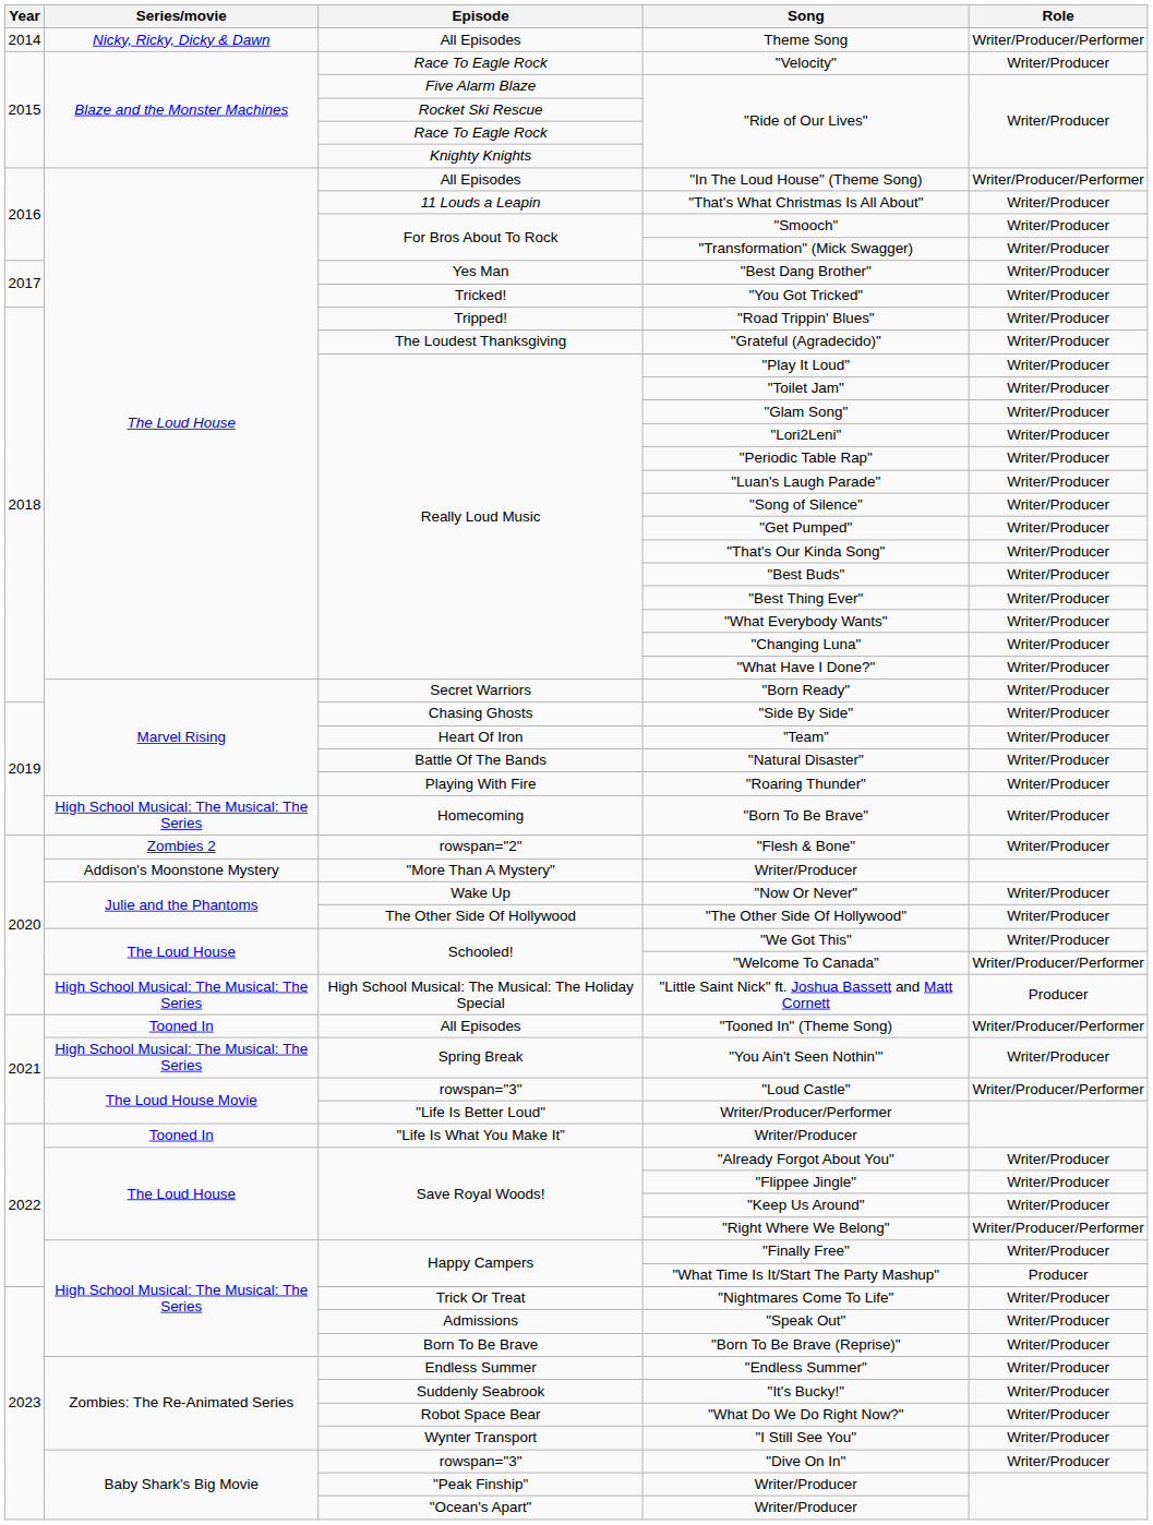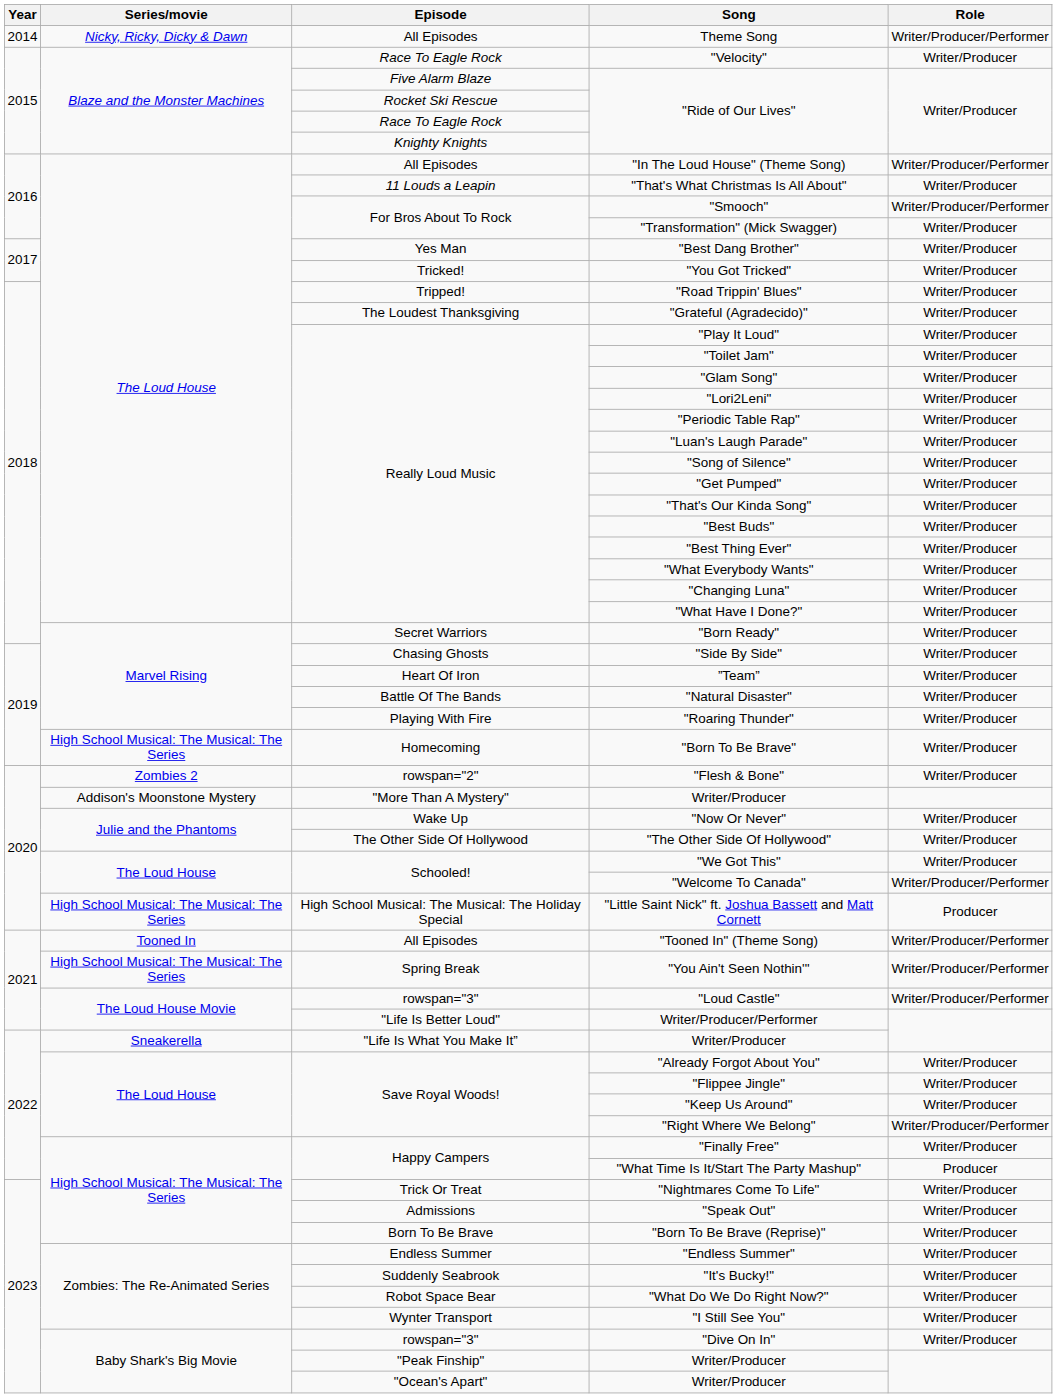 <table class="wikitable sortable" style="text-align:center;">
 <tr>
 <th>Year</th>
 <th>Series/movie</th>
 <th>Episode</th>
 <th>Song</th>
 <th>Role</th>
 </tr>
 <tr>
 <td rowspan=1>2014</td>
 <td><em><a href='#'>Nicky, Ricky, Dicky & Dawn</a></em></td>
 <td>All Episodes</td>
 <td>Theme Song</td>
 <td>Writer/Producer/Performer</td>
 </tr>
 <tr>
 <td rowspan=5>2015</td>
 <td rowspan="5"><em><a href='#'>Blaze and the Monster Machines</a></em></td>
 <td><em>Race To Eagle Rock</em></td>
 <td>"Velocity"</td>
 <td>Writer/Producer</td>
 </tr>
 <tr>
 <td><em>Five Alarm Blaze</em></td>
 <td rowspan="4">"Ride of Our Lives"</td>
 <td rowspan="4">Writer/Producer</td>
 </tr>
 <tr>
 <td><em>Rocket Ski Rescue</em></td>
 </tr>
 <tr>
 <td><em>Race To Eagle Rock</em></td>
 </tr>
 <tr>
 <td><em>Knighty Knights</em></td>
 </tr>
 <tr>
 <td rowspan=4>2016</td>
 <td rowspan="22"><em><a href='#'>The Loud House</a></em></td>
 <td>All Episodes</td>
 <td>"In The Loud House" (Theme Song)</td>
 <td>Writer/Producer/Performer</td>
 </tr>
 <tr>
 <td><em>11 Louds a Leapin<strong></td>
 <td>"That's What Christmas Is All About"</td>
 <td>Writer/Producer</td>
 </tr>
 <tr>
 <td rowspan="2"></em>For Bros About To Rock<em></td>
 <td>"Smooch"</td>
-<td>Writer/Producer</td>
+<td>Writer/Producer/Performer</td>
 </tr>
 <tr>
 <td>"Transformation" (Mick Swagger)</td>
 <td>Writer/Producer</td>
 </tr>
 <tr>
 <td rowspan=2>2017</td>
 <td></em>Yes Man<em></td>
 <td>"Best Dang Brother"</td>
 <td>Writer/Producer</td>
 </tr>
 <tr>
 <td></em>Tricked!<em></td>
 <td>"You Got Tricked"</td>
 <td>Writer/Producer</td>
 </tr>
 <tr>
 <td rowspan=17>2018</td>
 <td></em>Tripped!<em></td>
 <td>"Road Trippin' Blues"</td>
 <td>Writer/Producer</td>
 </tr>
 <tr>
 <td></em>The Loudest Thanksgiving<em></td>
 <td>"Grateful (Agradecido)"</td>
 <td>Writer/Producer</td>
 </tr>
 <tr>
 <td rowspan="14"></em>Really Loud Music<em></td>
 <td>"Play It Loud"</td>
 <td>Writer/Producer</td>
 </tr>
 <tr>
 <td>"Toilet Jam"</td>
 <td>Writer/Producer</td>
 </tr>
 <tr>
 <td>"Glam Song"</td>
 <td>Writer/Producer</td>
 </tr>
 <tr>
 <td>"Lori2Leni"</td>
 <td>Writer/Producer</td>
 </tr>
 <tr>
 <td>"Periodic Table Rap"</td>
 <td>Writer/Producer</td>
 </tr>
 <tr>
 <td>"Luan's Laugh Parade"</td>
 <td>Writer/Producer</td>
 </tr>
 <tr>
 <td>"Song of Silence"</td>
 <td>Writer/Producer</td>
 </tr>
 <tr>
 <td>"Get Pumped"</td>
 <td>Writer/Producer</td>
 </tr>
 <tr>
 <td>"That's Our Kinda Song"</td>
 <td>Writer/Producer</td>
 </tr>
 <tr>
 <td>"Best Buds"</td>
 <td>Writer/Producer</td>
 </tr>
 <tr>
 <td>"Best Thing Ever"</td>
 <td>Writer/Producer</td>
 </tr>
 <tr>
 <td>"What Everybody Wants"</td>
 <td>Writer/Producer</td>
 </tr>
 <tr>
 <td>"Changing Luna"</td>
 <td>Writer/Producer</td>
 </tr>
 <tr>
 <td>"What Have I Done?"</td>
 <td>Writer/Producer</td>
 </tr>
 <tr>
 <td rowspan="5"></em><a href='#'>Marvel Rising</a><em></td>
 <td></em>Secret Warriors<em></td>
 <td>"Born Ready"</td>
 <td>Writer/Producer</td>
 </tr>
 <tr>
 <td rowspan=5>2019</td>
 <td></em>Chasing Ghosts<em></td>
 <td>"Side By Side"</td>
 <td>Writer/Producer</td>
 </tr>
 <tr>
 <td></em>Heart Of Iron<em></td>
 <td>”Team”</td>
 <td>Writer/Producer</td>
 </tr>
 <tr>
 <td></em>Battle Of The Bands<em></td>
 <td>"Natural Disaster"</td>
 <td>Writer/Producer</td>
 </tr>
 <tr>
 <td></em>Playing With Fire<em></td>
 <td>"Roaring Thunder"</td>
 <td>Writer/Producer</td>
 </tr>
 <tr>
 <td></em><a href='#'>High School Musical: The Musical: The Series</a><em></td>
 <td></em>Homecoming<em></td>
 <td>"Born To Be Brave"</td>
 <td>Writer/Producer</td>
 </tr>
 <tr>
 <td rowspan=7>2020</td>
 <td></em><a href='#'>Zombies 2</a><em></td>
 <td>rowspan="2" </td>
 <td>"Flesh & Bone"</td>
 <td>Writer/Producer</td>
 </tr>
 <tr>
 <td></em>Addison's Moonstone Mystery<em></td>
 <td>"More Than A Mystery"</td>
 <td>Writer/Producer</td>
 </tr>
 <tr>
 <td rowspan="2"></em><a href='#'>Julie and the Phantoms</a><em></td>
 <td></em>Wake Up<em></td>
 <td>"Now Or Never"</td>
 <td>Writer/Producer</td>
 </tr>
 <tr>
 <td></em>The Other Side Of Hollywood<em></td>
 <td>"The Other Side Of Hollywood"</td>
 <td>Writer/Producer</td>
 </tr>
 <tr>
 <td rowspan="2"></em><a href='#'>The Loud House</a><em></td>
 <td rowspan="2"></em>Schooled!<em></td>
 <td>"We Got This"</td>
 <td>Writer/Producer</td>
 </tr>
 <tr>
 <td>"Welcome To Canada"</td>
 <td>Writer/Producer/Performer</td>
 </tr>
 <tr>
 <td></em><a href='#'>High School Musical: The Musical: The Series</a><em></td>
 <td></em>High School Musical: The Musical: The Holiday Special<em></td>
 <td>"Little Saint Nick" ft. <a href='#'>Joshua Bassett</a> and <a href='#'>Matt Cornett</a></td>
 <td>Producer</td>
 </tr>
 <tr>
 <td rowspan=4>2021</td>
 <td></em><a href='#'>Tooned In</a><em></td>
 <td>All Episodes</td>
 <td>"Tooned In" (Theme Song)</td>
 <td>Writer/Producer/Performer</td>
 </tr>
 <tr>
 <td></em><a href='#'>High School Musical: The Musical: The Series</a><em></td>
 <td></em>Spring Break<em></td>
 <td>"You Ain't Seen Nothin'"</td>
-<td>Writer/Producer</td>
+<td>Writer/Producer/Performer</td>
 </tr>
 <tr>
 <td rowspan="2"></em><a href='#'>The Loud House Movie</a><em></td>
 <td>rowspan="3" </td>
 <td>"Loud Castle"</td>
 <td>Writer/Producer/Performer</td>
 </tr>
 <tr>
 <td>"Life Is Better Loud"</td>
 <td>Writer/Producer/Performer</td>
 </tr>
 <tr>
 <td rowspan=7>2022</td>
-<td></em><a href='#'>Tooned In</a><em></td>
+<td></em><a href='#'>Sneakerella</a><em></td>
 <td>"Life Is What You Make It”</td>
 <td>Writer/Producer</td>
 </tr>
 <tr>
 <td rowspan="4"></em><a href='#'>The Loud House</a><em></td>
 <td rowspan="4"></em>Save Royal Woods!<em></td>
 <td>"Already Forgot About You"</td>
 <td>Writer/Producer</td>
 </tr>
 <tr>
 <td>"Flippee Jingle"</td>
 <td>Writer/Producer</td>
 </tr>
 <tr>
 <td>"Keep Us Around"</td>
 <td>Writer/Producer</td>
 </tr>
 <tr>
 <td>"Right Where We Belong"</td>
 <td>Writer/Producer/Performer</td>
 </tr>
 <tr>
 <td rowspan="5"></em><a href='#'>High School Musical: The Musical: The Series</a><em></td>
 <td rowspan="2"></em>Happy Campers<em></td>
 <td>"Finally Free"</td>
 <td>Writer/Producer</td>
 </tr>
 <tr>
 <td>"What Time Is It/Start The Party Mashup"</td>
 <td>Producer</td>
 </tr>
 <tr>
 <td rowspan=10>2023</td>
 <td></em>Trick Or Treat<em></td>
 <td>"Nightmares Come To Life"</td>
 <td>Writer/Producer</td>
 </tr>
 <tr>
 <td></em>Admissions<em></td>
 <td>"Speak Out"</td>
 <td>Writer/Producer</td>
 </tr>
 <tr>
 <td></em>Born To Be Brave<em></td>
 <td>"Born To Be Brave (Reprise)"</td>
 <td>Writer/Producer</td>
 </tr>
 <tr>
 <td rowspan="4"></em>Zombies: The Re-Animated Series<em></td>
 <td></em>Endless Summer<em></td>
 <td>"Endless Summer"</td>
 <td>Writer/Producer</td>
 </tr>
 <tr>
 <td></em>Suddenly Seabrook<em></td>
 <td>"It's Bucky!"</td>
 <td>Writer/Producer</td>
 </tr>
 <tr>
 <td></em>Robot Space Bear<em></td>
 <td>"What Do We Do Right Now?"</td>
 <td>Writer/Producer</td>
 </tr>
 <tr>
 <td></em>Wynter Transport<em></td>
 <td>"I Still See You"</td>
 <td>Writer/Producer</td>
 </tr>
 <tr>
 <td rowspan="3"></em>Baby Shark's Big Movie<em></td>
 <td>rowspan="3" </td>
 <td>"Dive On In"</td>
 <td>Writer/Producer</td>
 </tr>
 <tr>
 <td>"Peak Finship"</td>
 <td>Writer/Producer</td>
 </tr>
 <tr>
 <td>"Ocean's Apart"</td>
 <td>Writer/Producer</td>
 </tr>
 </table>
